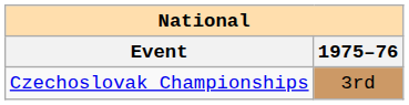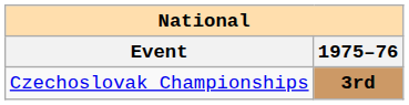 <table class="wikitable" style="text-align:center">
 <tr>
 <th style="background-color: #ffdead; " colspan=2 align=center>National</th>
 </tr>
 <tr>
 <th>Event</th>
 <th>1975–76</th>
 </tr>
 <tr>
 <td align=left><a href='#'>Czechoslovak Championships</a></td>
-<td bgcolor=cc9966>3rd</td>
+<td bgcolor=cc9966><strong>3rd</strong></td>
 </tr>
 </table>
